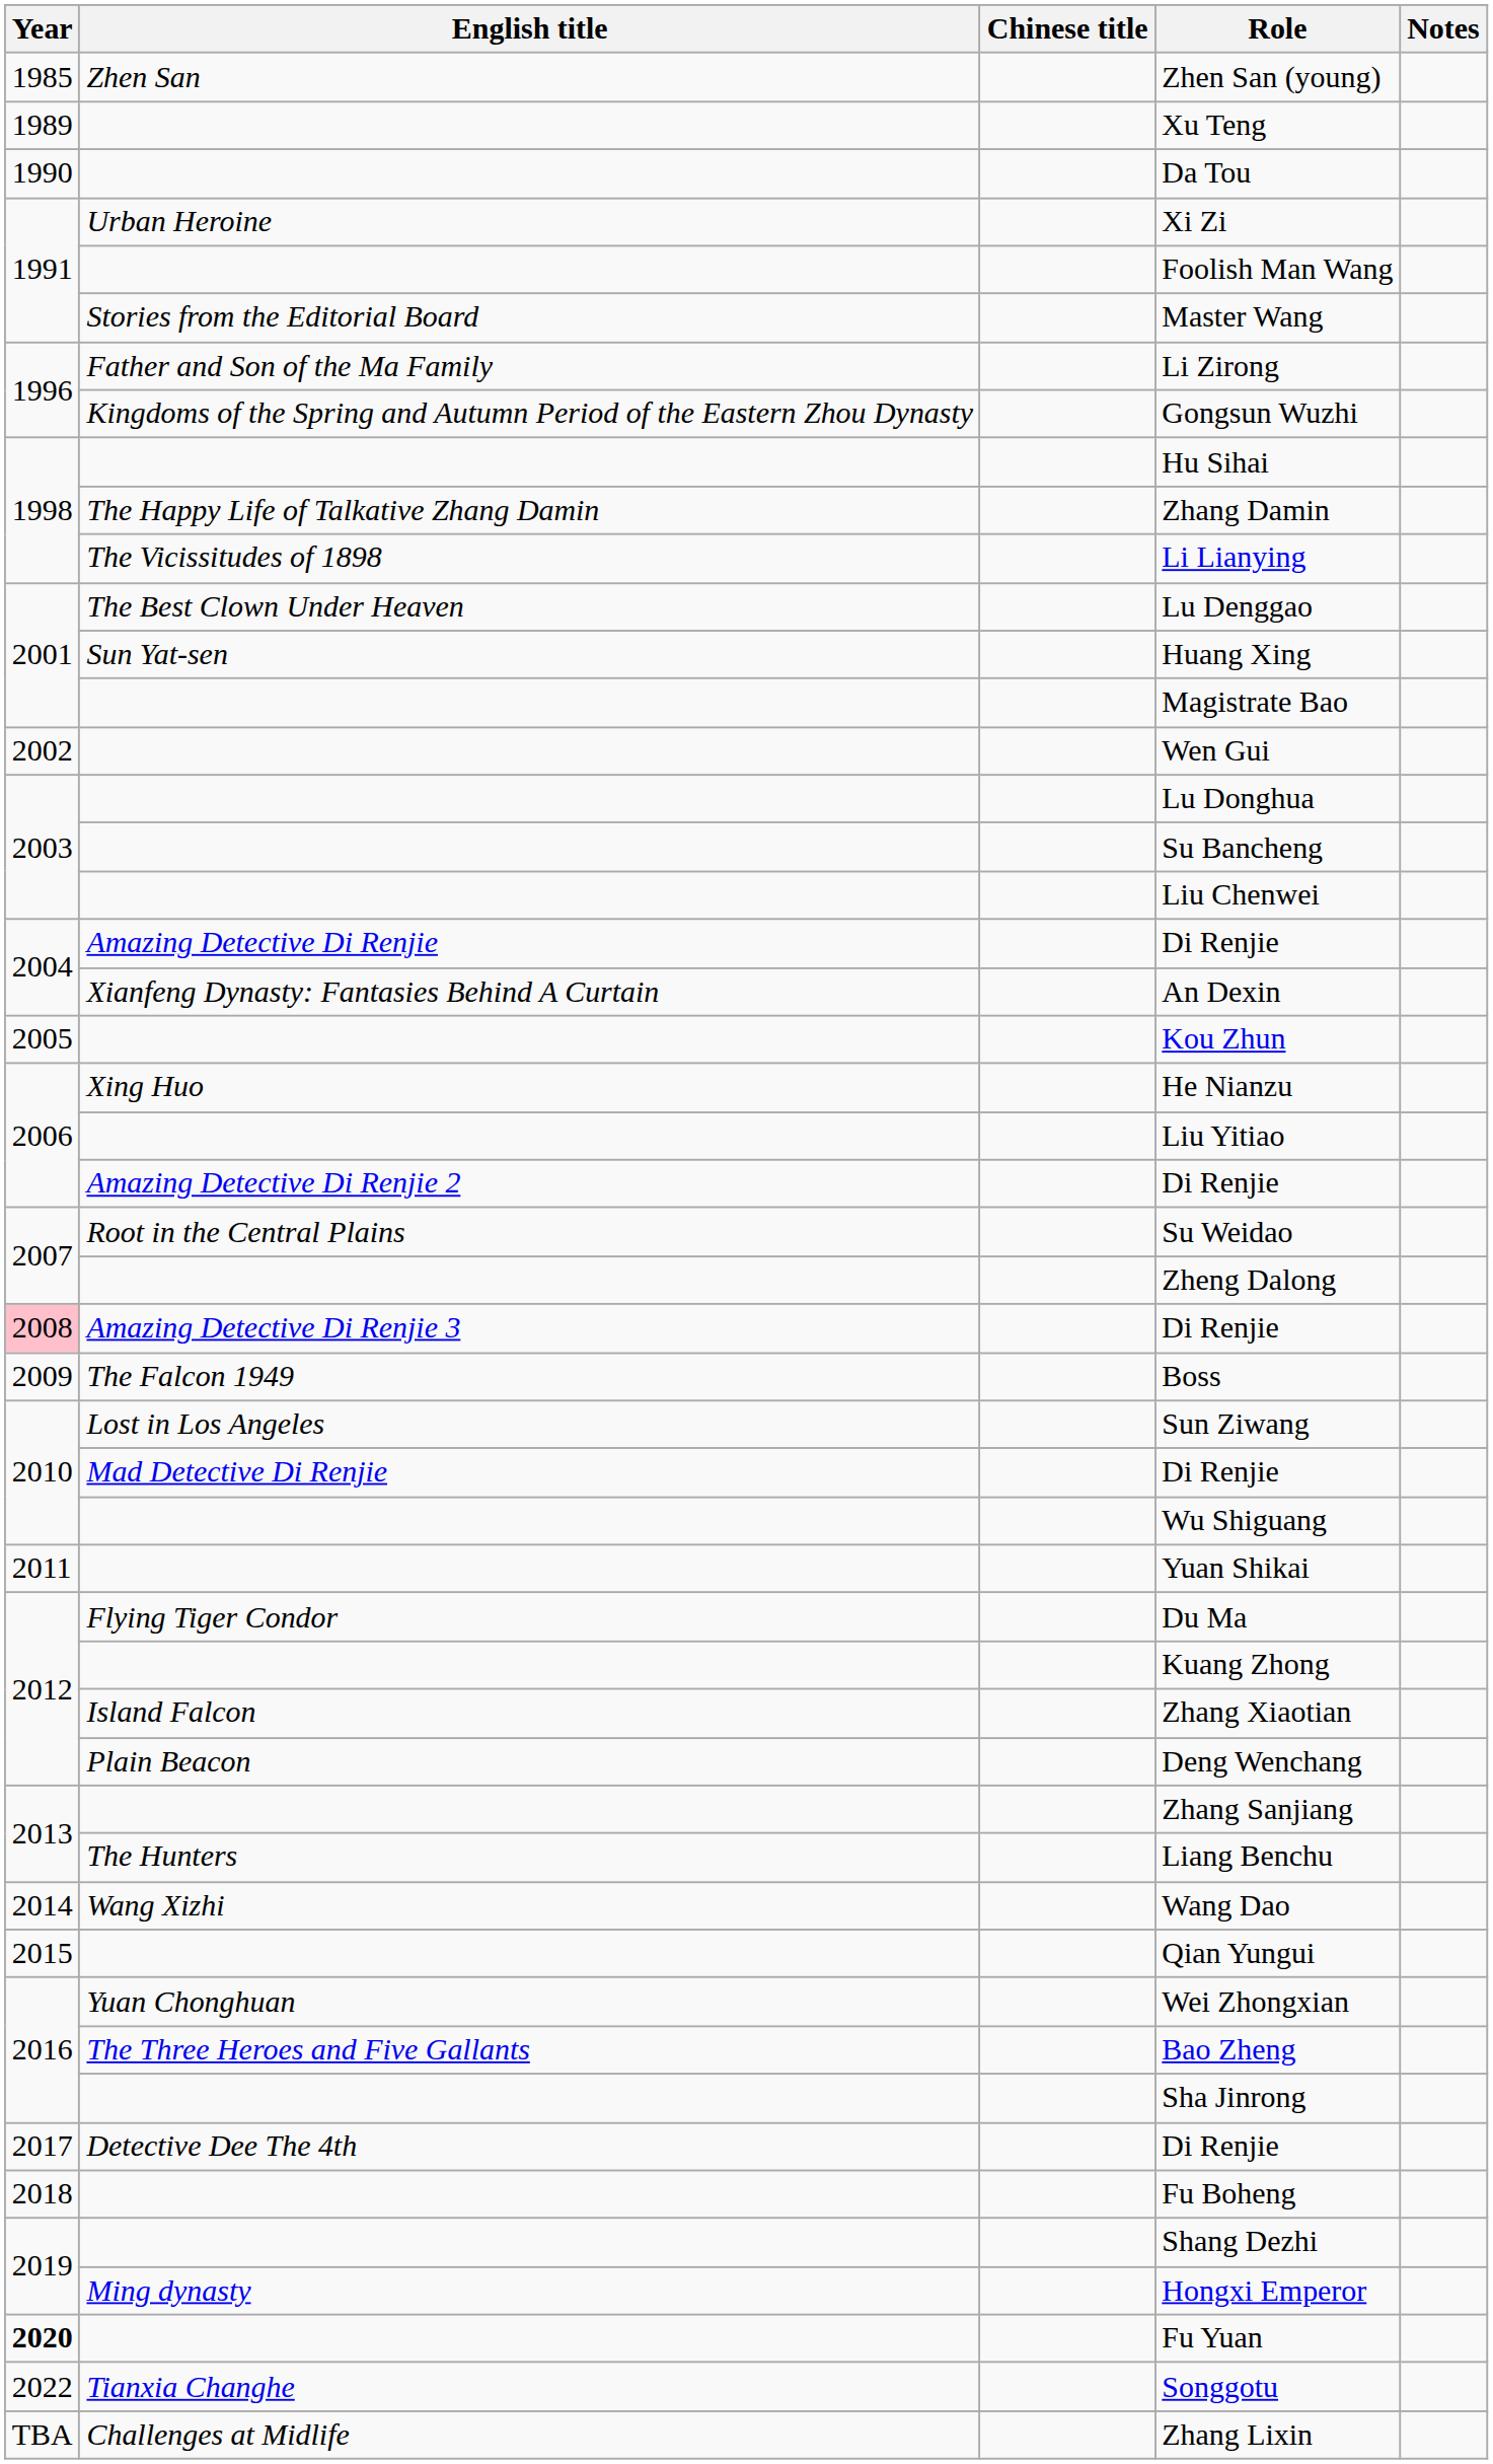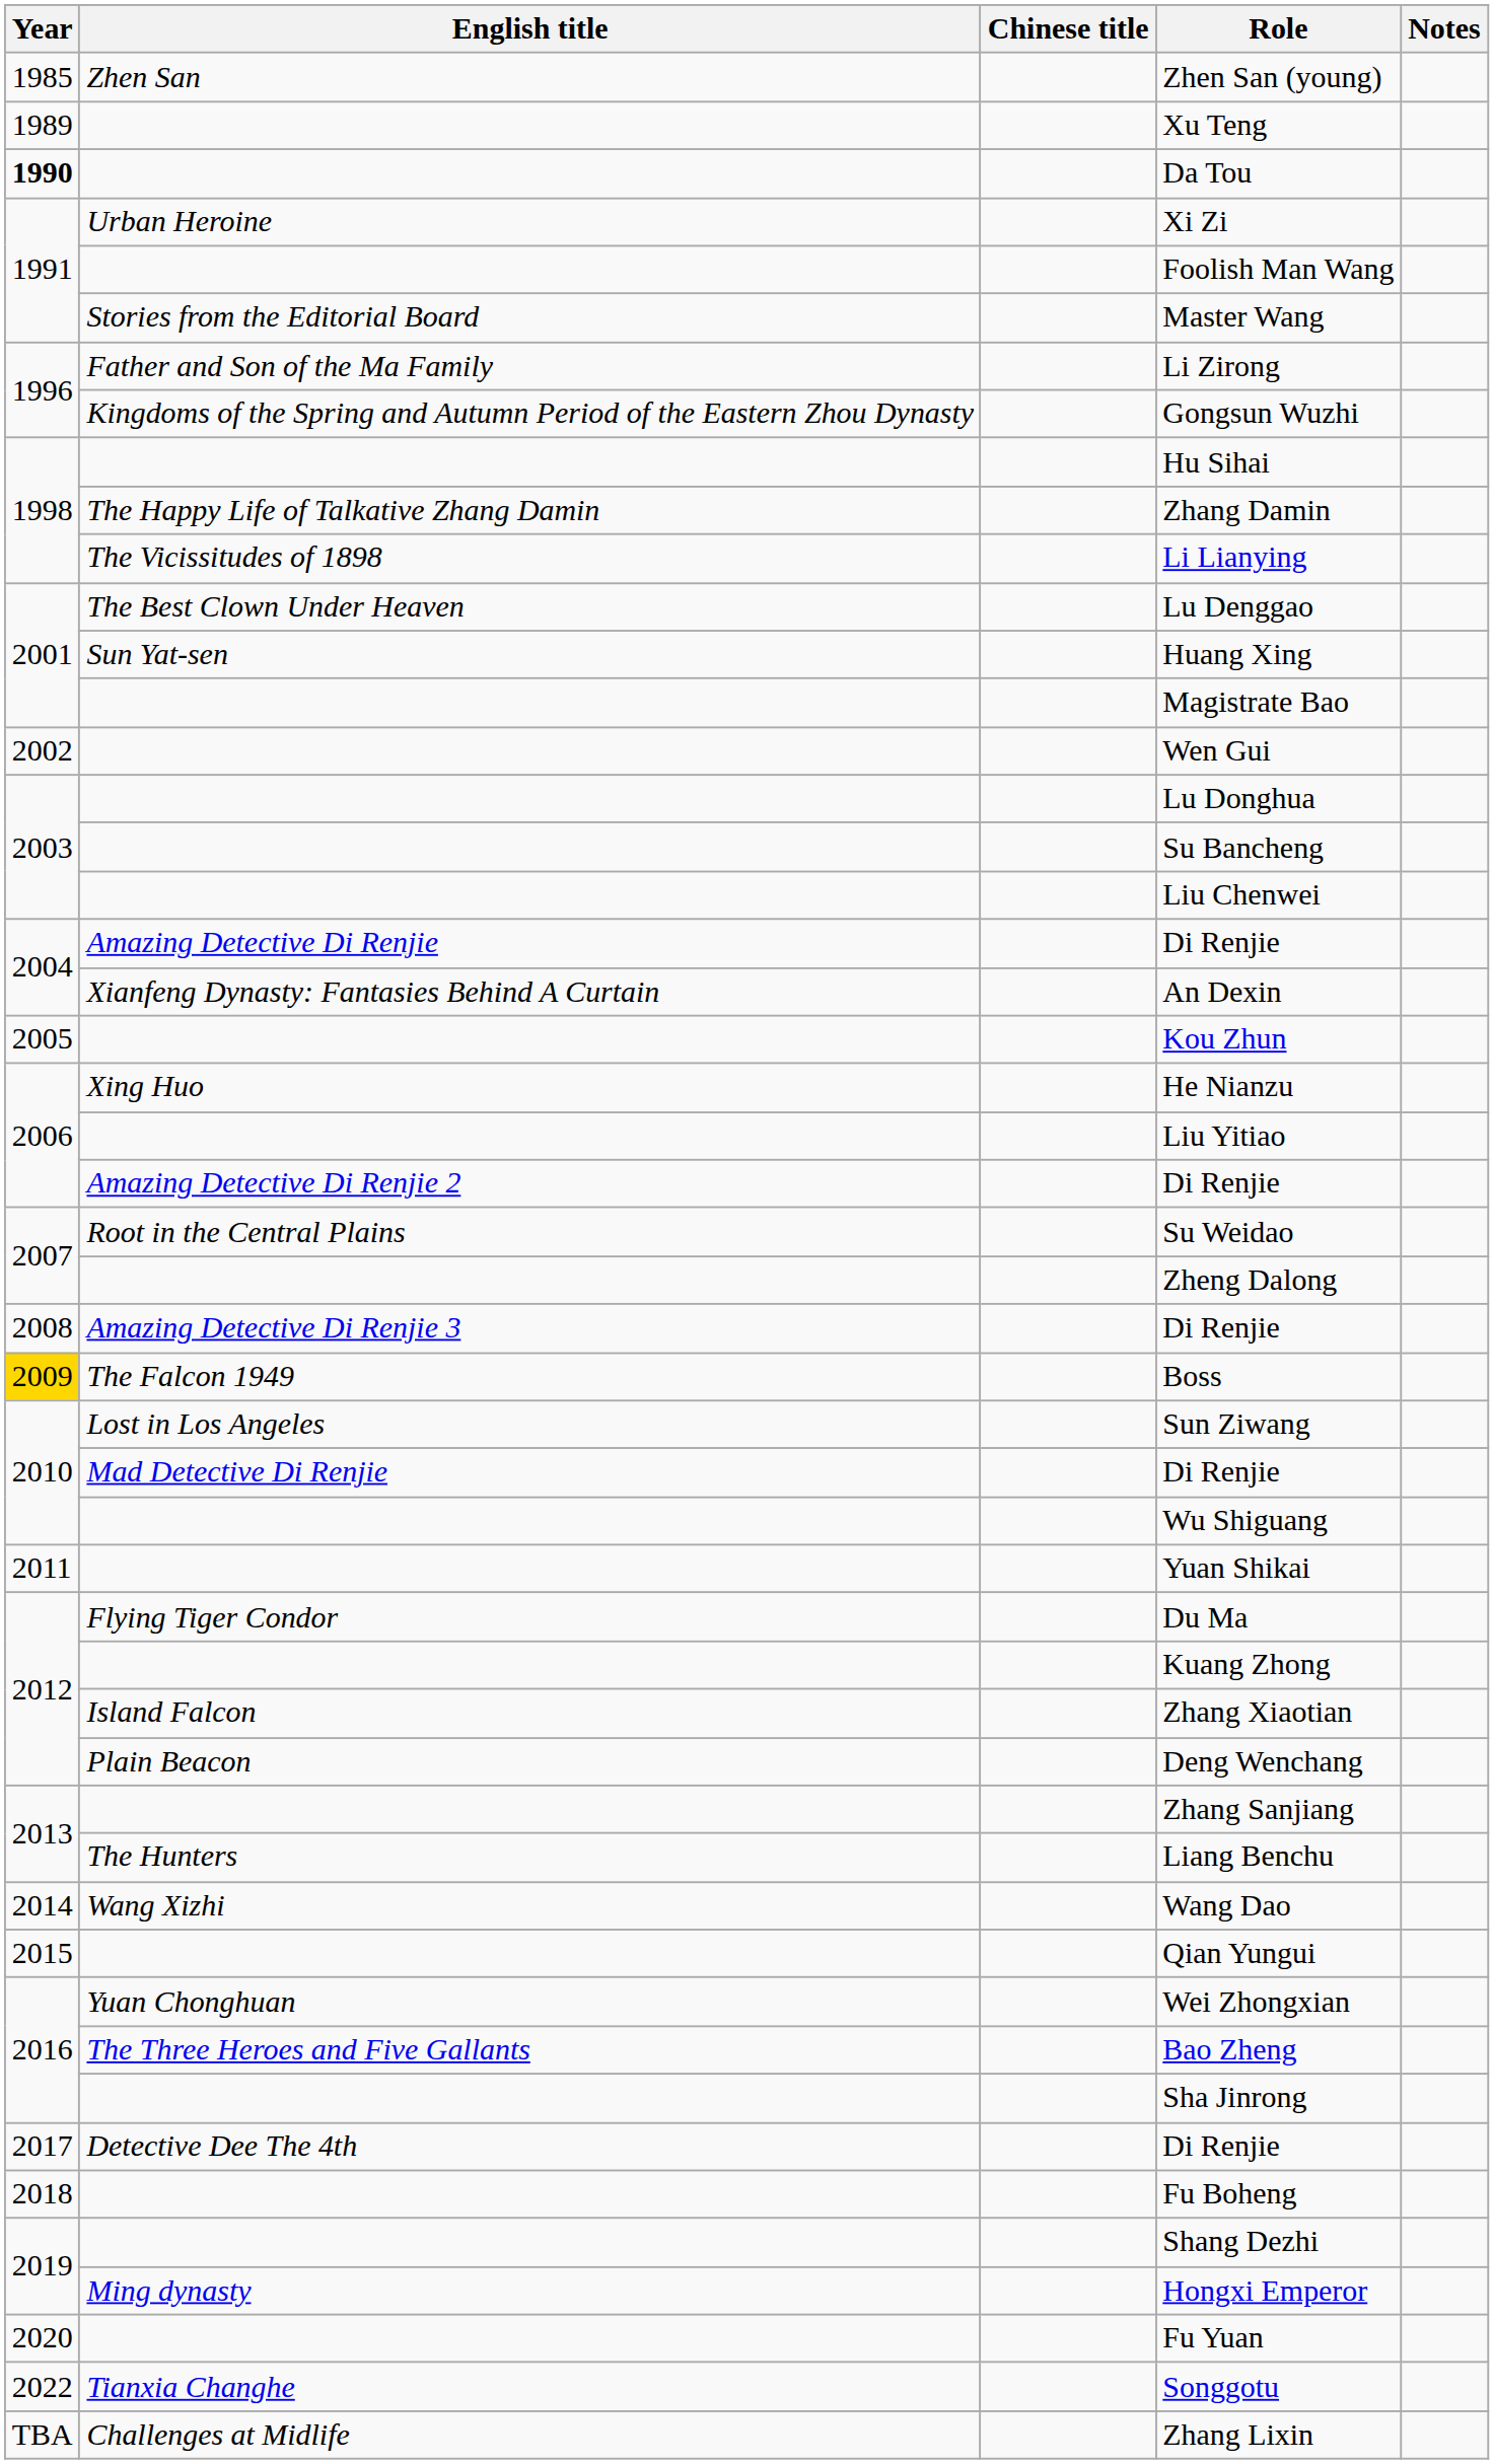 <table class="wikitable">
 <tr>
 <th>Year</th>
 <th>English title</th>
 <th>Chinese title</th>
 <th>Role</th>
 <th>Notes</th>
 </tr>
 <tr>
 <td>1985</td>
 <td><em>Zhen San</em></td>
 <td></td>
 <td>Zhen San (young)</td>
 <td></td>
 </tr>
 <tr>
 <td>1989</td>
 <td></td>
 <td></td>
 <td>Xu Teng</td>
 <td></td>
 </tr>
 <tr>
-<td>1990</td>
+<td><strong>1990</strong></td>
 <td></td>
 <td></td>
 <td>Da Tou</td>
 <td></td>
 </tr>
 <tr>
 <td rowspan=3>1991</td>
 <td><em>Urban Heroine</em></td>
 <td></td>
 <td>Xi Zi</td>
 <td></td>
 </tr>
 <tr>
 <td></td>
 <td></td>
 <td>Foolish Man Wang</td>
 <td></td>
 </tr>
 <tr>
 <td><em>Stories from the Editorial Board</em></td>
 <td></td>
 <td>Master Wang</td>
 <td></td>
 </tr>
 <tr>
 <td rowspan=2>1996</td>
 <td><em>Father and Son of the Ma Family</em></td>
 <td></td>
 <td>Li Zirong</td>
 <td></td>
 </tr>
 <tr>
 <td><em>Kingdoms of the Spring and Autumn Period of the Eastern Zhou Dynasty</em></td>
 <td></td>
 <td>Gongsun Wuzhi</td>
 <td></td>
 </tr>
 <tr>
 <td rowspan=3>1998</td>
 <td></td>
 <td></td>
 <td>Hu Sihai</td>
 <td></td>
 </tr>
 <tr>
 <td><em>The Happy Life of Talkative Zhang Damin</em></td>
 <td></td>
 <td>Zhang Damin</td>
 <td></td>
 </tr>
 <tr>
 <td><em>The Vicissitudes of 1898</em></td>
 <td></td>
 <td><a href='#'>Li Lianying</a></td>
 <td></td>
 </tr>
 <tr>
 <td rowspan=3>2001</td>
 <td><em>The Best Clown Under Heaven</em></td>
 <td></td>
 <td>Lu Denggao</td>
 <td></td>
 </tr>
 <tr>
 <td><em>Sun Yat-sen</em></td>
 <td></td>
 <td>Huang Xing</td>
 <td></td>
 </tr>
 <tr>
 <td></td>
 <td></td>
 <td>Magistrate Bao</td>
 <td></td>
 </tr>
 <tr>
 <td>2002</td>
 <td></td>
 <td></td>
 <td>Wen Gui</td>
 <td></td>
 </tr>
 <tr>
 <td rowspan=3>2003</td>
 <td></td>
 <td></td>
 <td>Lu Donghua</td>
 <td></td>
 </tr>
 <tr>
 <td></td>
 <td></td>
 <td>Su Bancheng</td>
 <td></td>
 </tr>
 <tr>
 <td></td>
 <td></td>
 <td>Liu Chenwei</td>
 <td></td>
 </tr>
 <tr>
 <td rowspan=2>2004</td>
 <td><em><a href='#'>Amazing Detective Di Renjie</a></em></td>
 <td></td>
 <td>Di Renjie</td>
 <td></td>
 </tr>
 <tr>
 <td><em>Xianfeng Dynasty: Fantasies Behind A Curtain</em></td>
 <td></td>
 <td>An Dexin</td>
 <td></td>
 </tr>
 <tr>
 <td>2005</td>
 <td></td>
 <td></td>
 <td><a href='#'>Kou Zhun</a></td>
 <td></td>
 </tr>
 <tr>
 <td rowspan=3>2006</td>
 <td><em>Xing Huo</em></td>
 <td></td>
 <td>He Nianzu</td>
 <td></td>
 </tr>
 <tr>
 <td></td>
 <td></td>
 <td>Liu Yitiao</td>
 <td></td>
 </tr>
 <tr>
 <td><em><a href='#'>Amazing Detective Di Renjie 2</a></em></td>
 <td></td>
 <td>Di Renjie</td>
 <td></td>
 </tr>
 <tr>
 <td rowspan=2>2007</td>
 <td><em>Root in the Central Plains</em></td>
 <td></td>
 <td>Su Weidao</td>
 <td></td>
 </tr>
 <tr>
 <td></td>
 <td></td>
 <td>Zheng Dalong</td>
 <td></td>
 </tr>
 <tr>
-<td style="background: pink;">2008</td>
+<td>2008</td>
 <td><em><a href='#'>Amazing Detective Di Renjie 3</a></em></td>
 <td></td>
 <td>Di Renjie</td>
 <td></td>
 </tr>
 <tr>
-<td>2009</td>
+<td style="background: gold;">2009</td>
 <td><em>The Falcon 1949</em></td>
 <td></td>
 <td>Boss</td>
 <td></td>
 </tr>
 <tr>
 <td rowspan=3>2010</td>
 <td><em>Lost in Los Angeles</em></td>
 <td></td>
 <td>Sun Ziwang</td>
 <td></td>
 </tr>
 <tr>
 <td><em><a href='#'>Mad Detective Di Renjie</a></em></td>
 <td></td>
 <td>Di Renjie</td>
 <td></td>
 </tr>
 <tr>
 <td></td>
 <td></td>
 <td>Wu Shiguang</td>
 <td></td>
 </tr>
 <tr>
 <td>2011</td>
 <td></td>
 <td></td>
 <td>Yuan Shikai</td>
 <td></td>
 </tr>
 <tr>
 <td rowspan=4>2012</td>
 <td><em>Flying Tiger Condor</em></td>
 <td></td>
 <td>Du Ma</td>
 <td></td>
 </tr>
 <tr>
 <td></td>
 <td></td>
 <td>Kuang Zhong</td>
 <td></td>
 </tr>
 <tr>
 <td><em>Island Falcon</em></td>
 <td></td>
 <td>Zhang Xiaotian</td>
 <td></td>
 </tr>
 <tr>
 <td><em>Plain Beacon</em></td>
 <td></td>
 <td>Deng Wenchang</td>
 <td></td>
 </tr>
 <tr>
 <td rowspan=2>2013</td>
 <td></td>
 <td></td>
 <td>Zhang Sanjiang</td>
 <td></td>
 </tr>
 <tr>
 <td><em>The Hunters</em></td>
 <td></td>
 <td>Liang Benchu</td>
 <td></td>
 </tr>
 <tr>
 <td>2014</td>
 <td><em>Wang Xizhi</em></td>
 <td></td>
 <td>Wang Dao</td>
 <td></td>
 </tr>
 <tr>
 <td>2015</td>
 <td></td>
 <td></td>
 <td>Qian Yungui</td>
 <td></td>
 </tr>
 <tr>
 <td rowspan=3>2016</td>
 <td><em>Yuan Chonghuan</em></td>
 <td></td>
 <td>Wei Zhongxian</td>
 <td></td>
 </tr>
 <tr>
 <td><em><a href='#'>The Three Heroes and Five Gallants</a></em></td>
 <td></td>
 <td><a href='#'>Bao Zheng</a></td>
 <td></td>
 </tr>
 <tr>
 <td></td>
 <td></td>
 <td>Sha Jinrong</td>
 <td></td>
 </tr>
 <tr>
 <td>2017</td>
 <td><em>Detective Dee The 4th</em></td>
 <td></td>
 <td>Di Renjie</td>
 <td></td>
 </tr>
 <tr>
 <td>2018</td>
 <td></td>
 <td></td>
 <td>Fu Boheng</td>
 <td></td>
 </tr>
 <tr>
 <td rowspan=2>2019</td>
 <td></td>
 <td></td>
 <td>Shang Dezhi</td>
 <td></td>
 </tr>
 <tr>
 <td><em><a href='#'>Ming dynasty</a></em></td>
 <td></td>
 <td><a href='#'>Hongxi Emperor</a></td>
 <td></td>
 </tr>
 <tr>
-<td><strong>2020</strong></td>
+<td>2020</td>
 <td></td>
 <td></td>
 <td>Fu Yuan</td>
 <td></td>
 </tr>
 <tr>
 <td>2022</td>
 <td><em><a href='#'>Tianxia Changhe</a></em></td>
 <td></td>
 <td><a href='#'>Songgotu</a></td>
 <td></td>
 </tr>
 <tr>
 <td>TBA</td>
 <td><em>Challenges at Midlife</em></td>
 <td></td>
 <td>Zhang Lixin</td>
 <td></td>
 </tr>
 </table>
